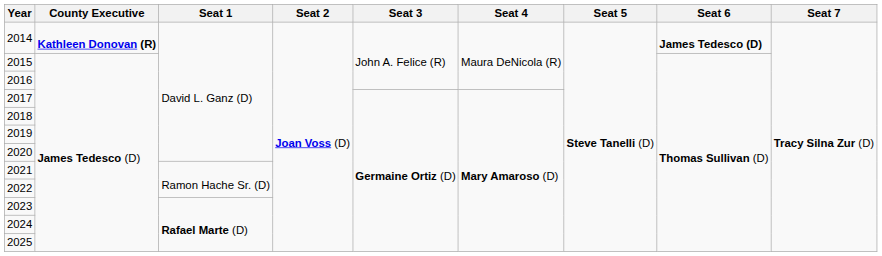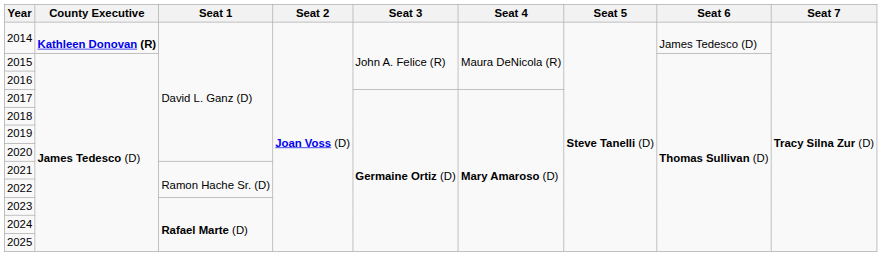 <table class="wikitable">
 <tr>
 <th>Year</th>
 <th>County Executive</th>
 <th>Seat 1</th>
 <th>Seat 2</th>
 <th>Seat 3</th>
 <th>Seat 4</th>
 <th>Seat 5</th>
 <th>Seat 6</th>
 <th>Seat 7</th>
 </tr>
 <tr>
 <td>2014</td>
 <td><strong><br><a href='#'>Kathleen Donovan</a> (R)</strong></td>
 <td rowspan="7" ><br>David L. Ganz (D)</td>
 <td rowspan="12" ><br><strong><a href='#'>Joan Voss</a></strong> (D)</td>
 <td rowspan="3" ><br>John A. Felice (R)</td>
 <td rowspan="3" ><br>Maura DeNicola (R)</td>
 <td rowspan="12" ><br><strong>Steve Tanelli</strong> (D)</td>
-<td><strong><br>James Tedesco (D)</strong></td>
+<td><br>James Tedesco (D)</td>
 <td rowspan="12" ><br><strong>Tracy Silna Zur</strong> (D)</td>
 </tr>
 <tr>
 <td>2015</td>
 <td rowspan="11" ><br><strong>James Tedesco</strong> (D)</td>
 <td rowspan="11" ><br><strong>Thomas Sullivan</strong> (D)</td>
 </tr>
 <tr>
 <td>2016</td>
 </tr>
 <tr>
 <td>2017</td>
 <td rowspan="9" ><br><strong>Germaine Ortiz</strong> (D)</td>
 <td rowspan="9" ><br><strong>Mary Amaroso</strong> (D)</td>
 </tr>
 <tr>
 <td>2018</td>
 </tr>
 <tr>
 <td>2019</td>
 </tr>
 <tr>
 <td>2020</td>
 </tr>
 <tr>
 <td>2021</td>
 <td rowspan="2" ><br>Ramon Hache Sr. (D)</td>
 </tr>
 <tr>
 <td>2022</td>
 </tr>
 <tr>
 <td>2023</td>
 <td rowspan="3" ><br><strong>Rafael Marte</strong> (D)</td>
 </tr>
 <tr>
 <td>2024</td>
 </tr>
 <tr>
 <td>2025</td>
 </tr>
 </table>
